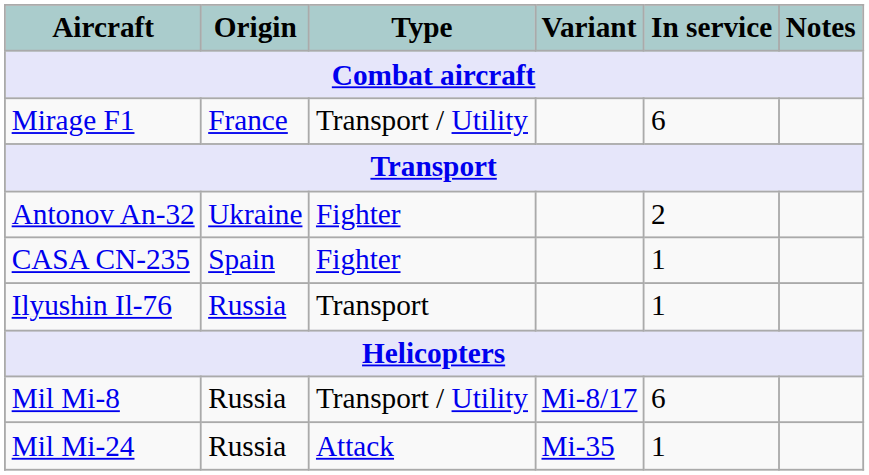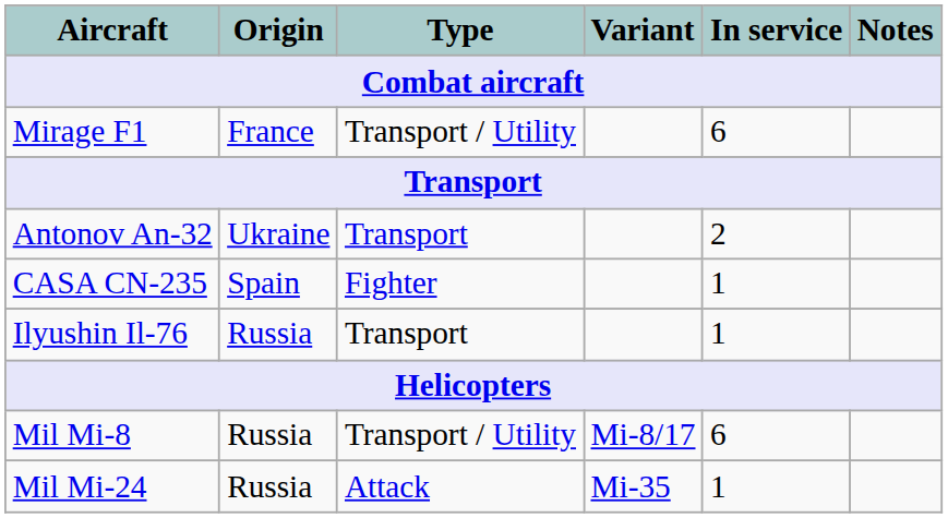 <table class="wikitable">
 <tr>
 <th style="text-align:center; background:#acc;">Aircraft</th>
 <th style="text-align: center; background:#acc;">Origin</th>
 <th style="text-align:l center; background:#acc;">Type</th>
 <th style="text-align:left; background:#acc;">Variant</th>
 <th style="text-align:center; background:#acc;">In service</th>
 <th style="text-align: center; background:#acc;">Notes</th>
 </tr>
 <tr>
 <th style="align: center; background: lavender;" colspan="6"><a href='#'>Combat aircraft</a></th>
 </tr>
 <tr>
 <td><a href='#'>Mirage F1</a></td>
 <td><a href='#'>France</a></td>
 <td>Transport / <a href='#'>Utility</a></td>
 <td></td>
 <td>6</td>
 <td></td>
 </tr>
 <tr>
 <th style="align: center; background: lavender;" colspan="6"><a href='#'>Transport</a></th>
 </tr>
 <tr>
 <td><a href='#'>Antonov An-32</a></td>
 <td><a href='#'>Ukraine</a></td>
-<td><a href='#'>Fighter</a></td>
+<td><a href='#'>Transport</a></td>
 <td></td>
 <td>2</td>
 <td></td>
 </tr>
 <tr>
 <td><a href='#'>CASA CN-235</a></td>
 <td><a href='#'>Spain</a></td>
 <td><a href='#'>Fighter</a></td>
 <td></td>
 <td>1</td>
 <td></td>
 </tr>
 <tr>
 <td><a href='#'>Ilyushin Il-76</a></td>
 <td><a href='#'>Russia</a></td>
 <td>Transport</td>
 <td></td>
 <td>1</td>
 <td></td>
 </tr>
 <tr>
 <th style="align: center; background: lavender;" colspan="6"><a href='#'>Helicopters</a></th>
 </tr>
 <tr>
 <td><a href='#'>Mil Mi-8</a></td>
 <td>Russia</td>
 <td>Transport / <a href='#'>Utility</a></td>
 <td><a href='#'>Mi-8/17</a></td>
 <td>6</td>
 <td></td>
 </tr>
 <tr>
 <td><a href='#'>Mil Mi-24</a></td>
 <td>Russia</td>
 <td><a href='#'>Attack</a></td>
 <td><a href='#'>Mi-35</a></td>
 <td>1</td>
 <td></td>
 </tr>
 </table>
